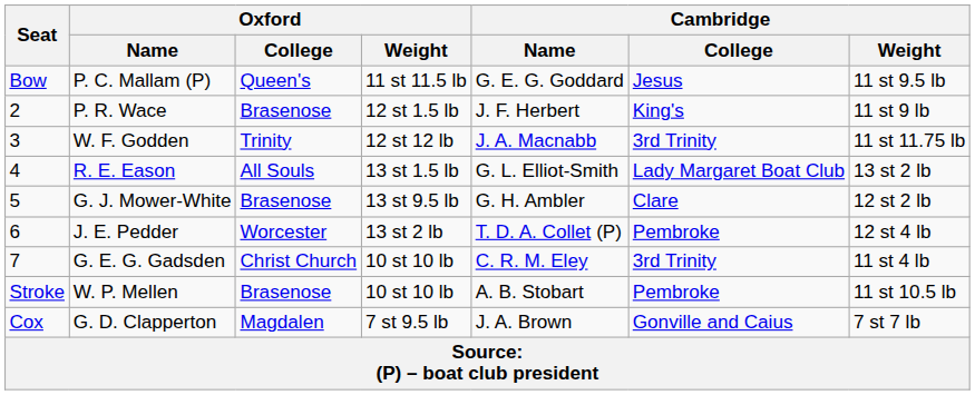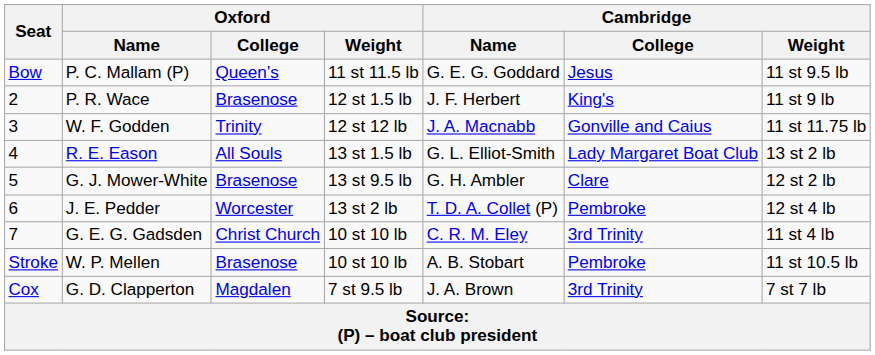 <table class="wikitable">
 <tr>
 <th rowspan="2" scope="col">Seat</th>
 <th colspan="3" scope="col">Oxford <br> </th>
 <th colspan="3" scope="col">Cambridge <br> </th>
 </tr>
 <tr>
 <th>Name</th>
 <th>College</th>
 <th>Weight</th>
 <th>Name</th>
 <th>College</th>
 <th>Weight</th>
 </tr>
 <tr>
 <td><a href='#'>Bow</a></td>
 <td>P. C. Mallam (P)</td>
 <td><a href='#'>Queen's</a></td>
 <td>11 st 11.5 lb</td>
 <td>G. E. G. Goddard</td>
 <td><a href='#'>Jesus</a></td>
 <td>11 st 9.5 lb</td>
 </tr>
 <tr>
 <td>2</td>
 <td>P. R. Wace</td>
 <td><a href='#'>Brasenose</a></td>
 <td>12 st 1.5 lb</td>
 <td>J. F. Herbert</td>
 <td><a href='#'>King's</a></td>
 <td>11 st 9 lb</td>
 </tr>
 <tr>
 <td>3</td>
 <td>W. F. Godden</td>
 <td><a href='#'>Trinity</a></td>
 <td>12 st 12 lb</td>
 <td><a href='#'>J. A. Macnabb</a></td>
-<td><a href='#'>3rd Trinity</a></td>
+<td><a href='#'>Gonville and Caius</a></td>
 <td>11 st 11.75 lb</td>
 </tr>
 <tr>
 <td>4</td>
 <td><a href='#'>R. E. Eason</a></td>
 <td><a href='#'>All Souls</a></td>
 <td>13 st 1.5 lb</td>
 <td>G. L. Elliot-Smith</td>
 <td><a href='#'>Lady Margaret Boat Club</a></td>
 <td>13 st 2 lb</td>
 </tr>
 <tr>
 <td>5</td>
 <td>G. J. Mower-White</td>
 <td><a href='#'>Brasenose</a></td>
 <td>13 st 9.5 lb</td>
 <td>G. H. Ambler</td>
 <td><a href='#'>Clare</a></td>
 <td>12 st 2 lb</td>
 </tr>
 <tr>
 <td>6</td>
 <td>J. E. Pedder</td>
 <td><a href='#'>Worcester</a></td>
 <td>13 st 2 lb</td>
 <td><a href='#'>T. D. A. Collet</a> (P)</td>
 <td><a href='#'>Pembroke</a></td>
 <td>12 st 4 lb</td>
 </tr>
 <tr>
 <td>7</td>
 <td>G. E. G. Gadsden</td>
 <td><a href='#'>Christ Church</a></td>
 <td>10 st 10 lb</td>
 <td><a href='#'>C. R. M. Eley</a></td>
 <td><a href='#'>3rd Trinity</a></td>
 <td>11 st 4 lb</td>
 </tr>
 <tr>
 <td><a href='#'>Stroke</a></td>
 <td>W. P. Mellen</td>
 <td><a href='#'>Brasenose</a></td>
 <td>10 st 10 lb</td>
 <td>A. B. Stobart</td>
 <td><a href='#'>Pembroke</a></td>
 <td>11 st 10.5 lb</td>
 </tr>
 <tr>
 <td><a href='#'>Cox</a></td>
 <td>G. D. Clapperton</td>
 <td><a href='#'>Magdalen</a></td>
 <td>7 st 9.5 lb</td>
 <td>J. A. Brown</td>
-<td><a href='#'>Gonville and Caius</a></td>
+<td><a href='#'>3rd Trinity</a></td>
 <td>7 st 7 lb</td>
 </tr>
 <tr>
 <th colspan="7">Source:<br>(P) – boat club president</th>
 </tr>
 </table>
